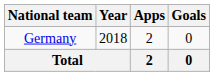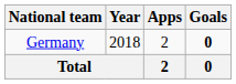 <table class="wikitable" style="text-align:center">
 <tr>
 <th>National team</th>
 <th>Year</th>
 <th>Apps</th>
 <th>Goals</th>
 </tr>
 <tr>
 <td><a href='#'>Germany</a></td>
 <td>2018</td>
 <td>2</td>
-<td>0</td>
+<td><strong>0</strong></td>
 </tr>
 <tr>
 <th colspan="2">Total</th>
 <th>2</th>
 <th>0</th>
 </tr>
 </table>
